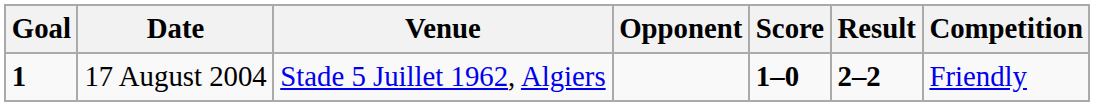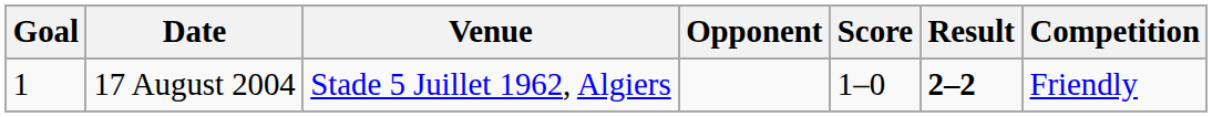 <table class="wikitable" style=font-size:90%>
 <tr>
 <th>Goal</th>
 <th>Date</th>
 <th>Venue</th>
 <th>Opponent</th>
 <th>Score</th>
 <th>Result</th>
 <th>Competition</th>
 </tr>
 <tr>
-<td><strong>1</strong></td>
+<td>1</td>
 <td>17 August 2004</td>
 <td><a href='#'>Stade 5 Juillet 1962</a>, <a href='#'>Algiers</a></td>
 <td></td>
-<td><strong>1–0</strong></td>
+<td>1–0</td>
 <td><strong>2–2</strong></td>
 <td><a href='#'>Friendly</a></td>
 </tr>
 <tr>
 </tr>
 </table>
